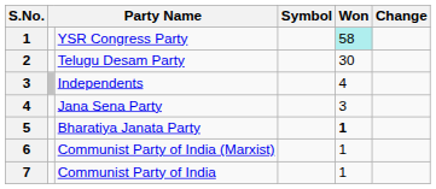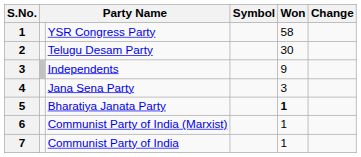 <table CLASS="sortable wikitable">
 <tr>
 <th>S.No.</th>
 <th colspan=2>Party Name</th>
 <th>Symbol</th>
 <th>Won</th>
 <th>Change</th>
 </tr>
 <tr>
 <th>1</th>
 <td></td>
 <td><a href='#'>YSR Congress Party</a></td>
 <td></td>
-<td style="background: paleturquoise;">58</td>
+<td>58</td>
 <td></td>
 </tr>
 <tr>
 <th>2</th>
 <td></td>
 <td><a href='#'>Telugu Desam Party</a></td>
 <td></td>
 <td>30</td>
 <td></td>
 </tr>
 <tr>
 <th>3</th>
 <td bgcolor=#C1C1C1></td>
 <td><a href='#'>Independents</a></td>
 <td></td>
-<td>4</td>
+<td>9</td>
 <td></td>
 </tr>
 <tr>
 <th>4</th>
 <td></td>
 <td><a href='#'>Jana Sena Party</a></td>
 <td></td>
 <td>3</td>
 <td></td>
 </tr>
 <tr>
 <th>5</th>
 <td></td>
 <td><a href='#'>Bharatiya Janata Party</a></td>
 <td></td>
 <td><strong>1</strong></td>
 <td></td>
 </tr>
 <tr>
 <th>6</th>
 <td></td>
 <td><a href='#'>Communist Party of India (Marxist)</a></td>
 <td></td>
 <td>1</td>
 <td></td>
 </tr>
 <tr>
 <th>7</th>
 <td></td>
 <td><a href='#'>Communist Party of India</a></td>
 <td></td>
 <td>1</td>
 <td></td>
 </tr>
 </table>
